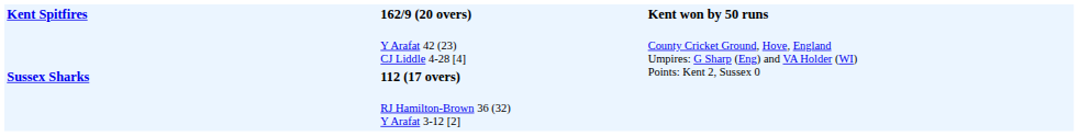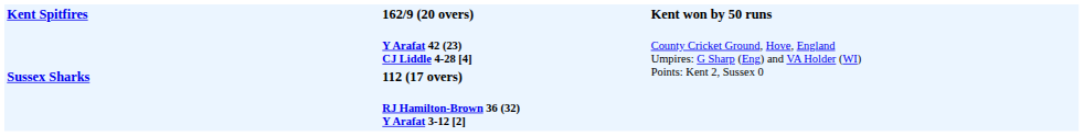 <table style="width:100%; background:#ebf5ff;">
 <tr>
 <td style="width:35%; vertical-align:top;" rowspan="2"><strong><a href='#'>Kent Spitfires</a></strong></td>
 <td style="width:25%;"><strong>162/9 (20 overs)</strong></td>
 <td style="width:40%;"><strong>Kent won by 50 runs</strong></td>
 </tr>
 <tr>
-<td style="font-size: 85%;"><br><a href='#'>Y Arafat</a> 42 (23)<br> <a href='#'>CJ Liddle</a> 4-28 [4]</td>
+<td style="font-size: 85%;"><strong><br><a href='#'>Y Arafat</a> 42 (23)<br> <a href='#'>CJ Liddle</a> 4-28 [4]</strong></td>
 <td style="vertical-align:top; font-size:85%;" rowspan="3"><br><a href='#'>County Cricket Ground</a>, <a href='#'>Hove</a>, <a href='#'>England</a><br> Umpires: <a href='#'>G Sharp</a> (<a href='#'>Eng</a>) and <a href='#'>VA Holder</a> (<a href='#'>WI</a>)<br> Points: Kent 2, Sussex 0</td>
 </tr>
 <tr>
 <td style="vertical-align:top;" rowspan="2"><strong><a href='#'>Sussex Sharks</a></strong></td>
 <td><strong>112 (17 overs)</strong></td>
 </tr>
 <tr>
-<td style="font-size: 85%;"><br><a href='#'>RJ Hamilton-Brown</a> 36 (32)<br> <a href='#'>Y Arafat</a> 3-12 [2]</td>
+<td style="font-size: 85%;"><strong><br><a href='#'>RJ Hamilton-Brown</a> 36 (32)<br> <a href='#'>Y Arafat</a> 3-12 [2]</strong></td>
 </tr>
 </table>
